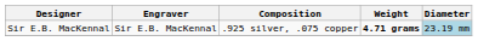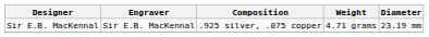 <table class="wikitable">
 <tr>
 <th>Designer</th>
 <th>Engraver</th>
 <th>Composition</th>
 <th>Weight</th>
 <th>Diameter</th>
 </tr>
 <tr>
 <td>Sir E.B. MacKennal</td>
 <td>Sir E.B. MacKennal</td>
 <td>.925 silver, .075 copper</td>
-<td><strong>4.71 grams</strong></td>
-<td style="background: lightblue;">23.19 mm</td>
+<td>4.71 grams</td>
+<td>23.19 mm</td>
 </tr>
 <tr>
 </tr>
 </table>
